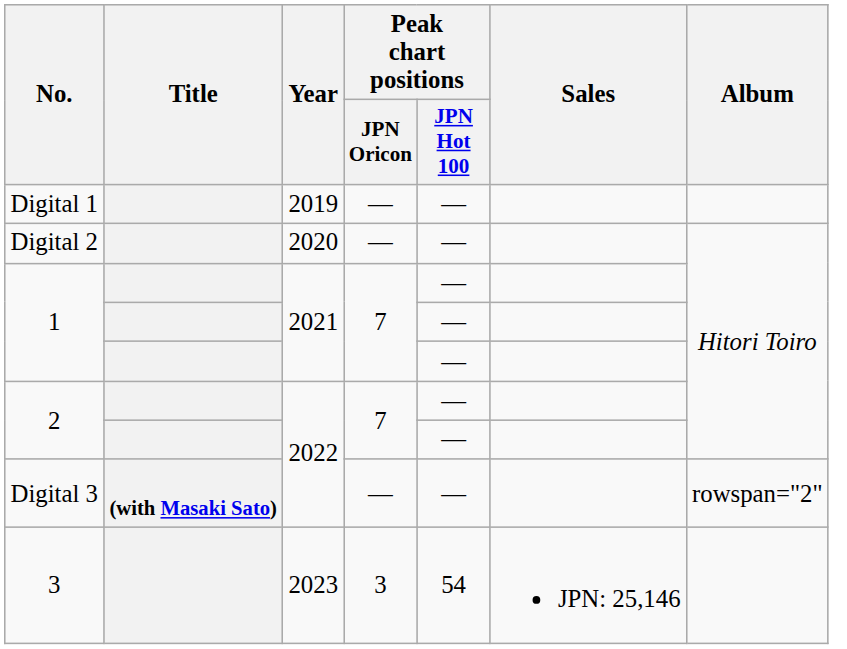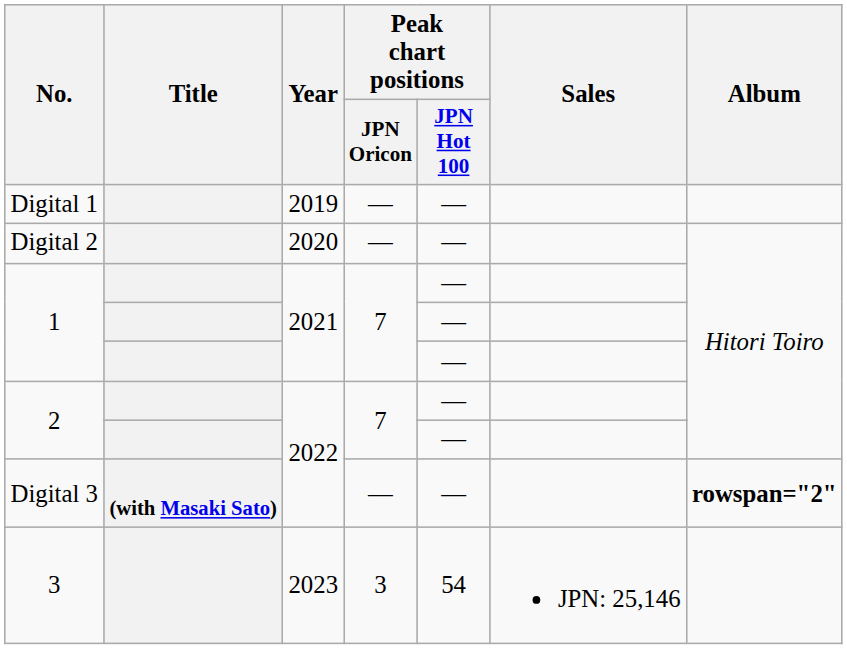 <table class="wikitable plainrowheaders" style="text-align:center;">
 <tr>
 <th scope="col" rowspan="2">No.</th>
 <th scope="col" rowspan="2">Title</th>
 <th scope="col" rowspan="2">Year</th>
 <th scope="col" colspan="2">Peak <br> chart <br> positions</th>
 <th scope="col" rowspan="2">Sales</th>
 <th scope="col" rowspan="2">Album</th>
 </tr>
 <tr>
 <th style="width:3em;font-size:85%">JPN Oricon<br></th>
 <th style="width:3em;font-size:85%"><a href='#'>JPN Hot 100</a><br></th>
 </tr>
 <tr>
 <td>Digital 1</td>
 <th scope="row"></th>
 <td>2019</td>
 <td>—</td>
 <td>—</td>
 <td></td>
 <td></td>
 </tr>
 <tr>
 <td>Digital 2</td>
 <th scope="row"></th>
 <td>2020</td>
 <td>—</td>
 <td>—</td>
 <td></td>
 <td rowspan="6"><em>Hitori Toiro</em></td>
 </tr>
 <tr>
 <td rowspan="3">1</td>
 <th scope="row"></th>
 <td rowspan="3">2021</td>
 <td rowspan="3">7</td>
 <td>—</td>
 <td></td>
 </tr>
 <tr>
 <th scope="row"></th>
 <td>—</td>
 <td></td>
 </tr>
 <tr>
 <th scope="row"></th>
 <td>—</td>
 <td></td>
 </tr>
 <tr>
 <td rowspan="2">2</td>
 <th scope="row"></th>
 <td rowspan="3">2022</td>
 <td rowspan="2">7</td>
 <td>—</td>
 <td></td>
 </tr>
 <tr>
 <th scope="row"></th>
 <td>—</td>
 <td></td>
 </tr>
 <tr>
 <td>Digital 3</td>
 <th scope="row"> <br><small>(with <a href='#'>Masaki Sato</a>)</small></th>
 <td>—</td>
 <td>—</td>
 <td></td>
-<td>rowspan="2" </td>
+<td><strong>rowspan="2" </strong></td>
 </tr>
 <tr>
 <td>3</td>
 <th scope="row"></th>
 <td>2023</td>
 <td>3</td>
 <td>54</td>
 <td><br><ul><li>JPN: 25,146</li></ul></td>
 </tr>
 </table>
